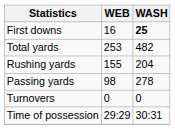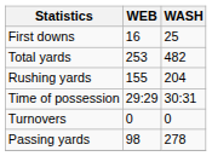 <table class="wikitable" style="float: left;">
 <tr>
 <th>Statistics</th>
 <th>WEB</th>
 <th>WASH</th>
 </tr>
 <tr>
 <td>First downs</td>
 <td>16</td>
-<td><strong>25</strong></td>
+<td>25</td>
 </tr>
 <tr>
 <td>Total yards</td>
 <td>253</td>
 <td>482</td>
 </tr>
 <tr>
 <td>Rushing yards</td>
 <td>155</td>
 <td>204</td>
 </tr>
 <tr>
-<td>Passing yards</td>
-<td>98</td>
-<td>278</td>
+<td>Time of possession</td>
+<td>29:29</td>
+<td>30:31</td>
 </tr>
 <tr>
 <td>Turnovers</td>
 <td>0</td>
 <td>0</td>
 </tr>
 <tr>
-<td>Time of possession</td>
-<td>29:29</td>
-<td>30:31</td>
+<td>Passing yards</td>
+<td>98</td>
+<td>278</td>
 </tr>
 <tr>
 </tr>
 </table>
